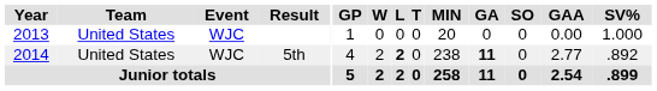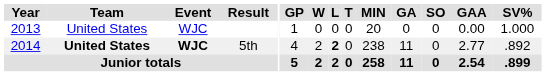 <table border="0" cellpadding="1" cellspacing="0" ID="Table3" style="text-align:center; width:40em">
 <tr ALIGN="center" bgcolor="#e0e0e0">
 <th>Year</th>
 <th>Team</th>
 <th>Event</th>
 <th>Result</th>
 <th rowspan="99" bgcolor="#ffffff"></th>
 <th>GP</th>
 <th>W</th>
 <th>L</th>
 <th>T</th>
 <th>MIN</th>
 <th>GA</th>
 <th>SO</th>
 <th>GAA</th>
 <th>SV%</th>
 </tr>
 <tr ALIGN="center">
 <td><a href='#'>2013</a></td>
 <td><a href='#'>United States</a></td>
 <td><a href='#'>WJC</a></td>
 <td></td>
 <td>1</td>
 <td>0</td>
 <td>0</td>
 <td>0</td>
 <td>20</td>
 <td>0</td>
 <td>0</td>
 <td>0.00</td>
 <td>1.000</td>
 </tr>
 <tr ALIGN="center" bgcolor="#f0f0f0">
 <td><a href='#'>2014</a></td>
-<td>United States</td>
-<td>WJC</td>
+<td><strong>United States</strong></td>
+<td><strong>WJC</strong></td>
 <td>5th</td>
 <td>4</td>
 <td>2</td>
 <td><strong>2</strong></td>
 <td>0</td>
 <td>238</td>
-<td><strong>11</strong></td>
+<td>11</td>
 <td>0</td>
 <td>2.77</td>
 <td>.892</td>
 </tr>
 <tr bgcolor="#e0e0e0" ALIGN="center">
 <th colspan=4>Junior totals</th>
 <th>5</th>
 <th>2</th>
 <th>2</th>
 <th>0</th>
 <th>258</th>
 <th>11</th>
 <th>0</th>
 <th>2.54</th>
 <th>.899</th>
 </tr>
 </table>
